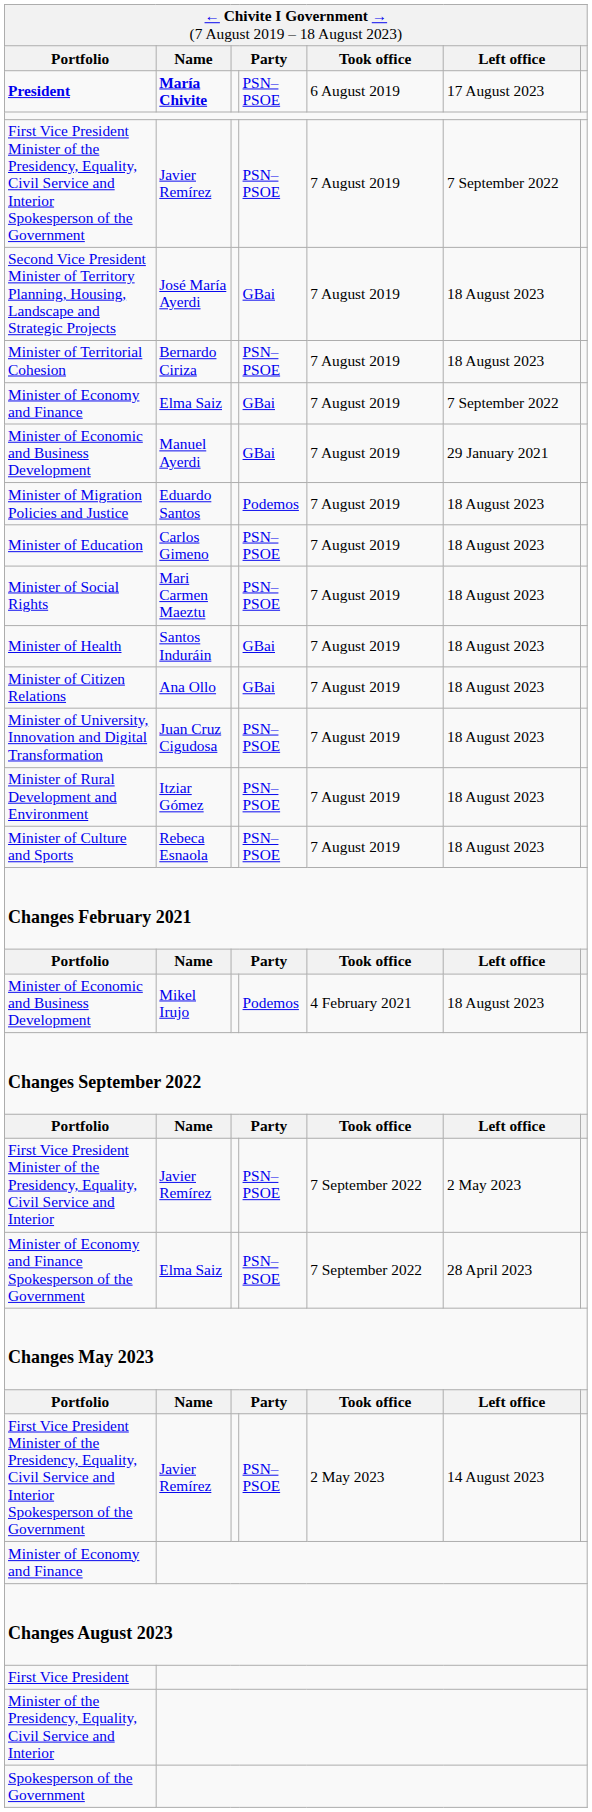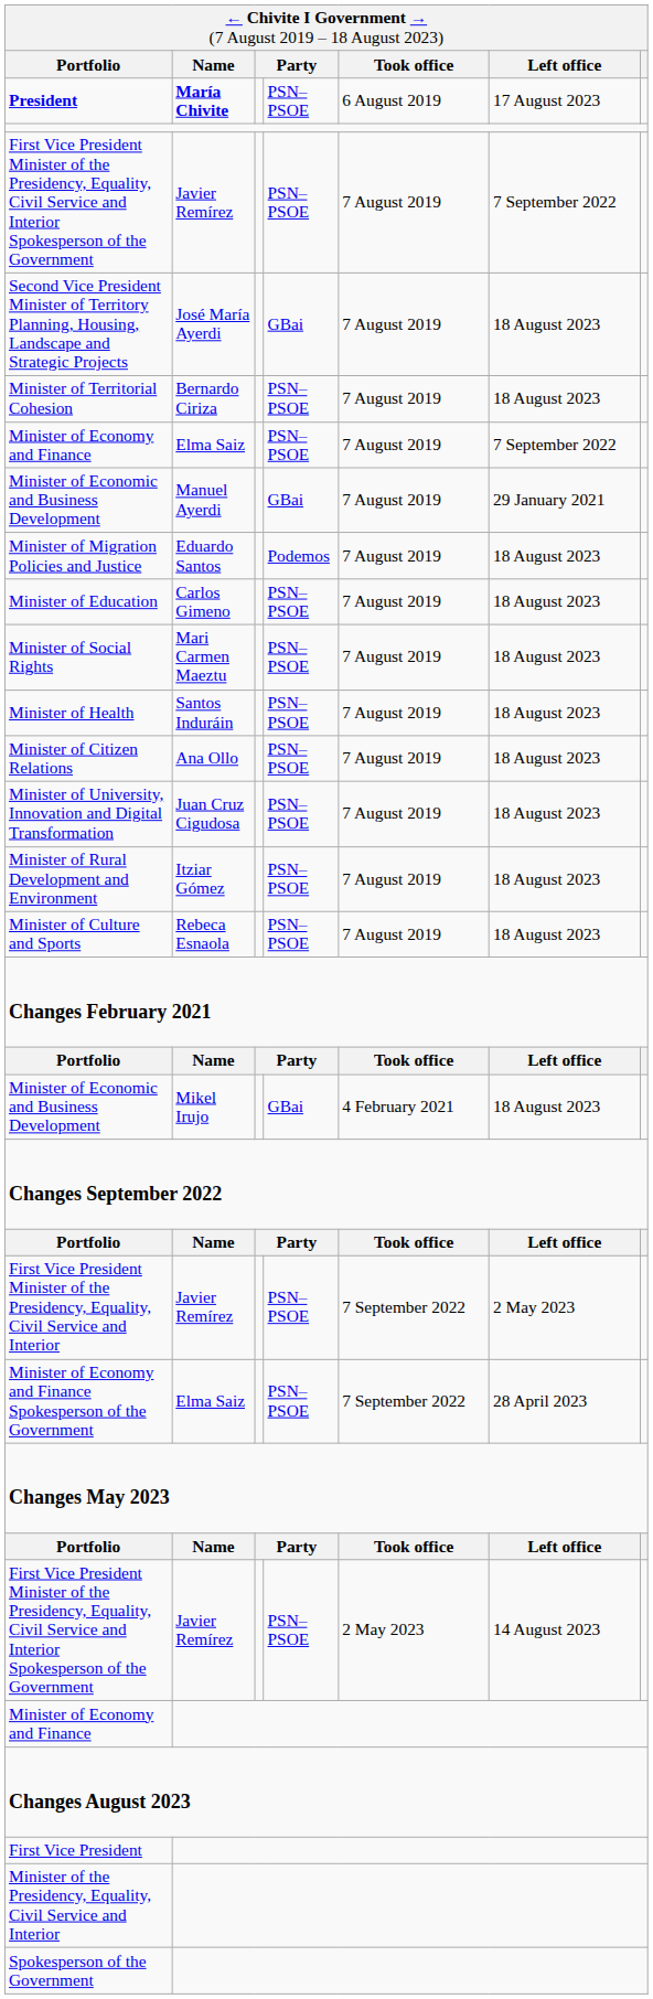 <table class="wikitable">
 <tr>
 <td colspan="7" bgcolor="#F2F2F2" align="center"><a href='#'>←</a> <strong>Chivite I Government</strong> <a href='#'>→</a><br>(7 August 2019 – 18 August 2023)</td>
 </tr>
 <tr>
 <th>Portfolio</th>
 <th>Name</th>
 <th width="100px" colspan="2">Party</th>
 <th width="135px">Took office</th>
 <th width="135px">Left office</th>
 <th></th>
 </tr>
 <tr>
 <td><strong><a href='#'>President</a></strong></td>
 <td><strong><a href='#'>María Chivite</a></strong></td>
 <td width="1" style="color:inherit;background:"></td>
 <td><a href='#'>PSN–PSOE</a></td>
 <td>6 August 2019</td>
 <td>17 August 2023</td>
 <td align="center"></td>
 </tr>
 <tr>
 <td colspan="7"></td>
 </tr>
 <tr>
 <td><a href='#'>First Vice President</a><br><a href='#'>Minister of the Presidency, Equality, Civil Service and Interior</a><br><a href='#'>Spokesperson of the Government</a></td>
 <td><a href='#'>Javier Remírez</a></td>
 <td style="color:inherit;background:"></td>
 <td><a href='#'>PSN–PSOE</a></td>
 <td>7 August 2019</td>
 <td>7 September 2022</td>
 <td align="center"><br></td>
 </tr>
 <tr>
 <td><a href='#'>Second Vice President</a><br><a href='#'>Minister of Territory Planning, Housing, Landscape and Strategic Projects</a></td>
 <td><a href='#'>José María Ayerdi</a></td>
 <td style="color:inherit;background:"></td>
 <td><a href='#'>GBai</a> </td>
 <td>7 August 2019</td>
 <td>18 August 2023</td>
 <td align="center"><br></td>
 </tr>
 <tr>
 <td><a href='#'>Minister of Territorial Cohesion</a></td>
 <td><a href='#'>Bernardo Ciriza</a></td>
 <td style="color:inherit;background:"></td>
 <td><a href='#'>PSN–PSOE</a></td>
 <td>7 August 2019</td>
 <td>18 August 2023</td>
 <td align="center"></td>
 </tr>
 <tr>
 <td><a href='#'>Minister of Economy and Finance</a></td>
 <td><a href='#'>Elma Saiz</a></td>
 <td style="color:inherit;background:"></td>
-<td><a href='#'>GBai</a> </td>
+<td><a href='#'>PSN–PSOE</a></td>
 <td>7 August 2019</td>
 <td>7 September 2022</td>
 <td align="center"></td>
 </tr>
 <tr>
 <td><a href='#'>Minister of Economic and Business Development</a></td>
 <td><a href='#'>Manuel Ayerdi</a></td>
 <td style="color:inherit;background:"></td>
 <td><a href='#'>GBai</a> </td>
 <td>7 August 2019</td>
 <td>29 January 2021</td>
 <td align="center"></td>
 </tr>
 <tr>
 <td><a href='#'>Minister of Migration Policies and Justice</a></td>
 <td><a href='#'>Eduardo Santos</a></td>
 <td style="color:inherit;background:"></td>
 <td><a href='#'>Podemos</a></td>
 <td>7 August 2019</td>
 <td>18 August 2023</td>
 <td align="center"></td>
 </tr>
 <tr>
 <td><a href='#'>Minister of Education</a></td>
 <td><a href='#'>Carlos Gimeno</a></td>
 <td style="color:inherit;background:"></td>
 <td><a href='#'>PSN–PSOE</a></td>
 <td>7 August 2019</td>
 <td>18 August 2023</td>
 <td align="center"></td>
 </tr>
 <tr>
 <td><a href='#'>Minister of Social Rights</a></td>
 <td><a href='#'>Mari Carmen Maeztu</a></td>
 <td style="color:inherit;background:"></td>
 <td><a href='#'>PSN–PSOE</a></td>
 <td>7 August 2019</td>
 <td>18 August 2023</td>
 <td align="center"></td>
 </tr>
 <tr>
 <td><a href='#'>Minister of Health</a></td>
 <td><a href='#'>Santos Induráin</a></td>
 <td style="color:inherit;background:"></td>
-<td><a href='#'>GBai</a> </td>
+<td><a href='#'>PSN–PSOE</a> </td>
 <td>7 August 2019</td>
 <td>18 August 2023</td>
 <td align="center"></td>
 </tr>
 <tr>
 <td><a href='#'>Minister of Citizen Relations</a></td>
 <td><a href='#'>Ana Ollo</a></td>
 <td style="color:inherit;background:"></td>
-<td><a href='#'>GBai</a> </td>
+<td><a href='#'>PSN–PSOE</a> </td>
 <td>7 August 2019</td>
 <td>18 August 2023</td>
 <td align="center"></td>
 </tr>
 <tr>
 <td><a href='#'>Minister of University, Innovation and Digital Transformation</a></td>
 <td><a href='#'>Juan Cruz Cigudosa</a></td>
 <td style="color:inherit;background:"></td>
 <td><a href='#'>PSN–PSOE</a></td>
 <td>7 August 2019</td>
 <td>18 August 2023</td>
 <td align="center"></td>
 </tr>
 <tr>
 <td><a href='#'>Minister of Rural Development and Environment</a></td>
 <td><a href='#'>Itziar Gómez</a></td>
 <td style="color:inherit;background:"></td>
 <td><a href='#'>PSN–PSOE</a></td>
 <td>7 August 2019</td>
 <td>18 August 2023</td>
 <td align="center"></td>
 </tr>
 <tr>
 <td><a href='#'>Minister of Culture and Sports</a></td>
 <td><a href='#'>Rebeca Esnaola</a></td>
 <td style="color:inherit;background:"></td>
 <td><a href='#'>PSN–PSOE</a> </td>
 <td>7 August 2019</td>
 <td>18 August 2023</td>
 <td align="center"></td>
 </tr>
 <tr>
 <td colspan="7"><br><h3>Changes February 2021</h3></td>
 </tr>
 <tr>
 <th>Portfolio</th>
 <th>Name</th>
 <th colspan="2">Party</th>
 <th>Took office</th>
 <th>Left office</th>
 <th></th>
 </tr>
 <tr>
 <td><a href='#'>Minister of Economic and Business Development</a></td>
 <td><a href='#'>Mikel Irujo</a></td>
 <td style="color:inherit;background:"></td>
-<td><a href='#'>Podemos</a></td>
+<td><a href='#'>GBai</a> </td>
 <td>4 February 2021</td>
 <td>18 August 2023</td>
 <td align="center"></td>
 </tr>
 <tr>
 <td colspan="7"><br><h3>Changes September 2022</h3></td>
 </tr>
 <tr>
 <th>Portfolio</th>
 <th>Name</th>
 <th colspan="2">Party</th>
 <th>Took office</th>
 <th>Left office</th>
 <th></th>
 </tr>
 <tr>
 <td><a href='#'>First Vice President</a><br><a href='#'>Minister of the Presidency, Equality, Civil Service and Interior</a></td>
 <td><a href='#'>Javier Remírez</a></td>
 <td style="color:inherit;background:"></td>
 <td><a href='#'>PSN–PSOE</a></td>
 <td>7 September 2022</td>
 <td>2 May 2023</td>
 <td align="center"></td>
 </tr>
 <tr>
 <td><a href='#'>Minister of Economy and Finance</a><br><a href='#'>Spokesperson of the Government</a></td>
 <td><a href='#'>Elma Saiz</a></td>
 <td style="color:inherit;background:"></td>
 <td><a href='#'>PSN–PSOE</a></td>
 <td>7 September 2022</td>
 <td>28 April 2023</td>
 <td align="center"></td>
 </tr>
 <tr>
 <td colspan="7"><br><h3>Changes May 2023</h3></td>
 </tr>
 <tr>
 <th>Portfolio</th>
 <th>Name</th>
 <th colspan="2">Party</th>
 <th>Took office</th>
 <th>Left office</th>
 <th></th>
 </tr>
 <tr>
 <td><a href='#'>First Vice President</a><br><a href='#'>Minister of the Presidency, Equality, Civil Service and Interior</a><br><a href='#'>Spokesperson of the Government</a></td>
 <td><a href='#'>Javier Remírez</a></td>
 <td style="color:inherit;background:"></td>
 <td><a href='#'>PSN–PSOE</a></td>
 <td>2 May 2023</td>
 <td>14 August 2023</td>
 <td align="center"></td>
 </tr>
 <tr>
 <td><a href='#'>Minister of Economy and Finance</a></td>
 <td colspan="6"></td>
 </tr>
 <tr>
 <td colspan="7"><br><h3>Changes August 2023</h3></td>
 </tr>
 <tr>
 <td><a href='#'>First Vice President</a></td>
 <td colspan="6"></td>
 </tr>
 <tr>
 <td><a href='#'>Minister of the Presidency, Equality, Civil Service and Interior</a></td>
 <td colspan="6"></td>
 </tr>
 <tr>
 <td><a href='#'>Spokesperson of the Government</a></td>
 <td colspan="6"></td>
 </tr>
 </table>
